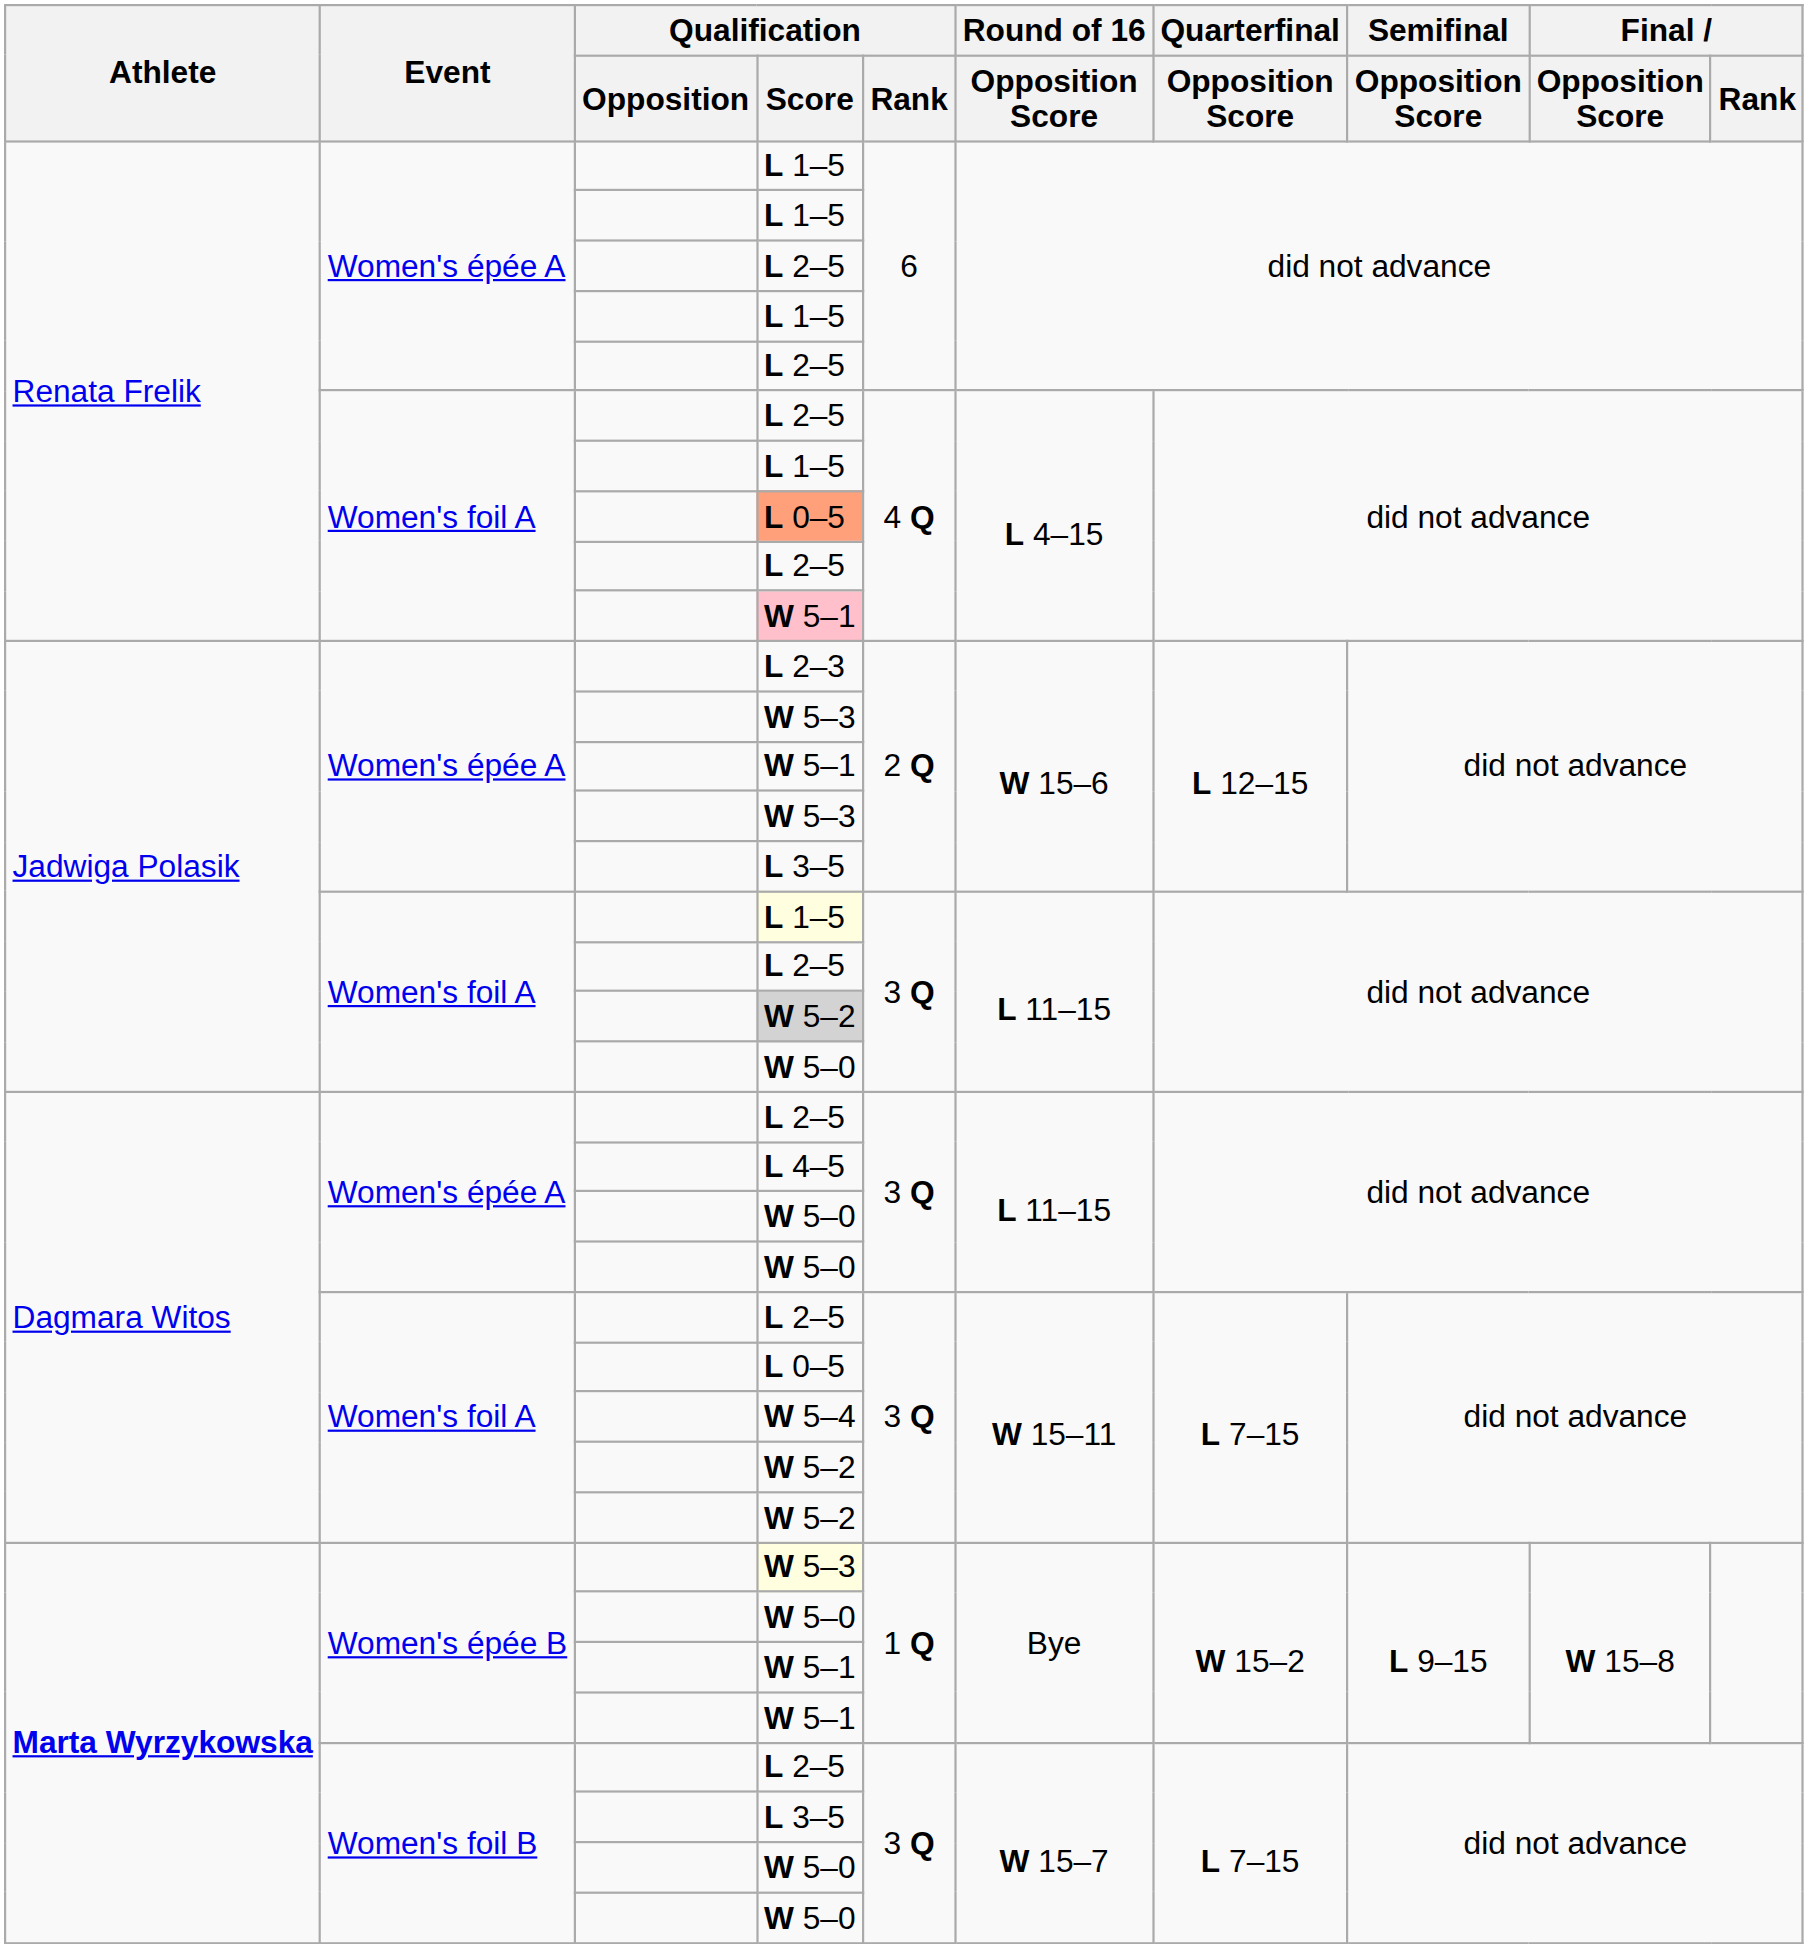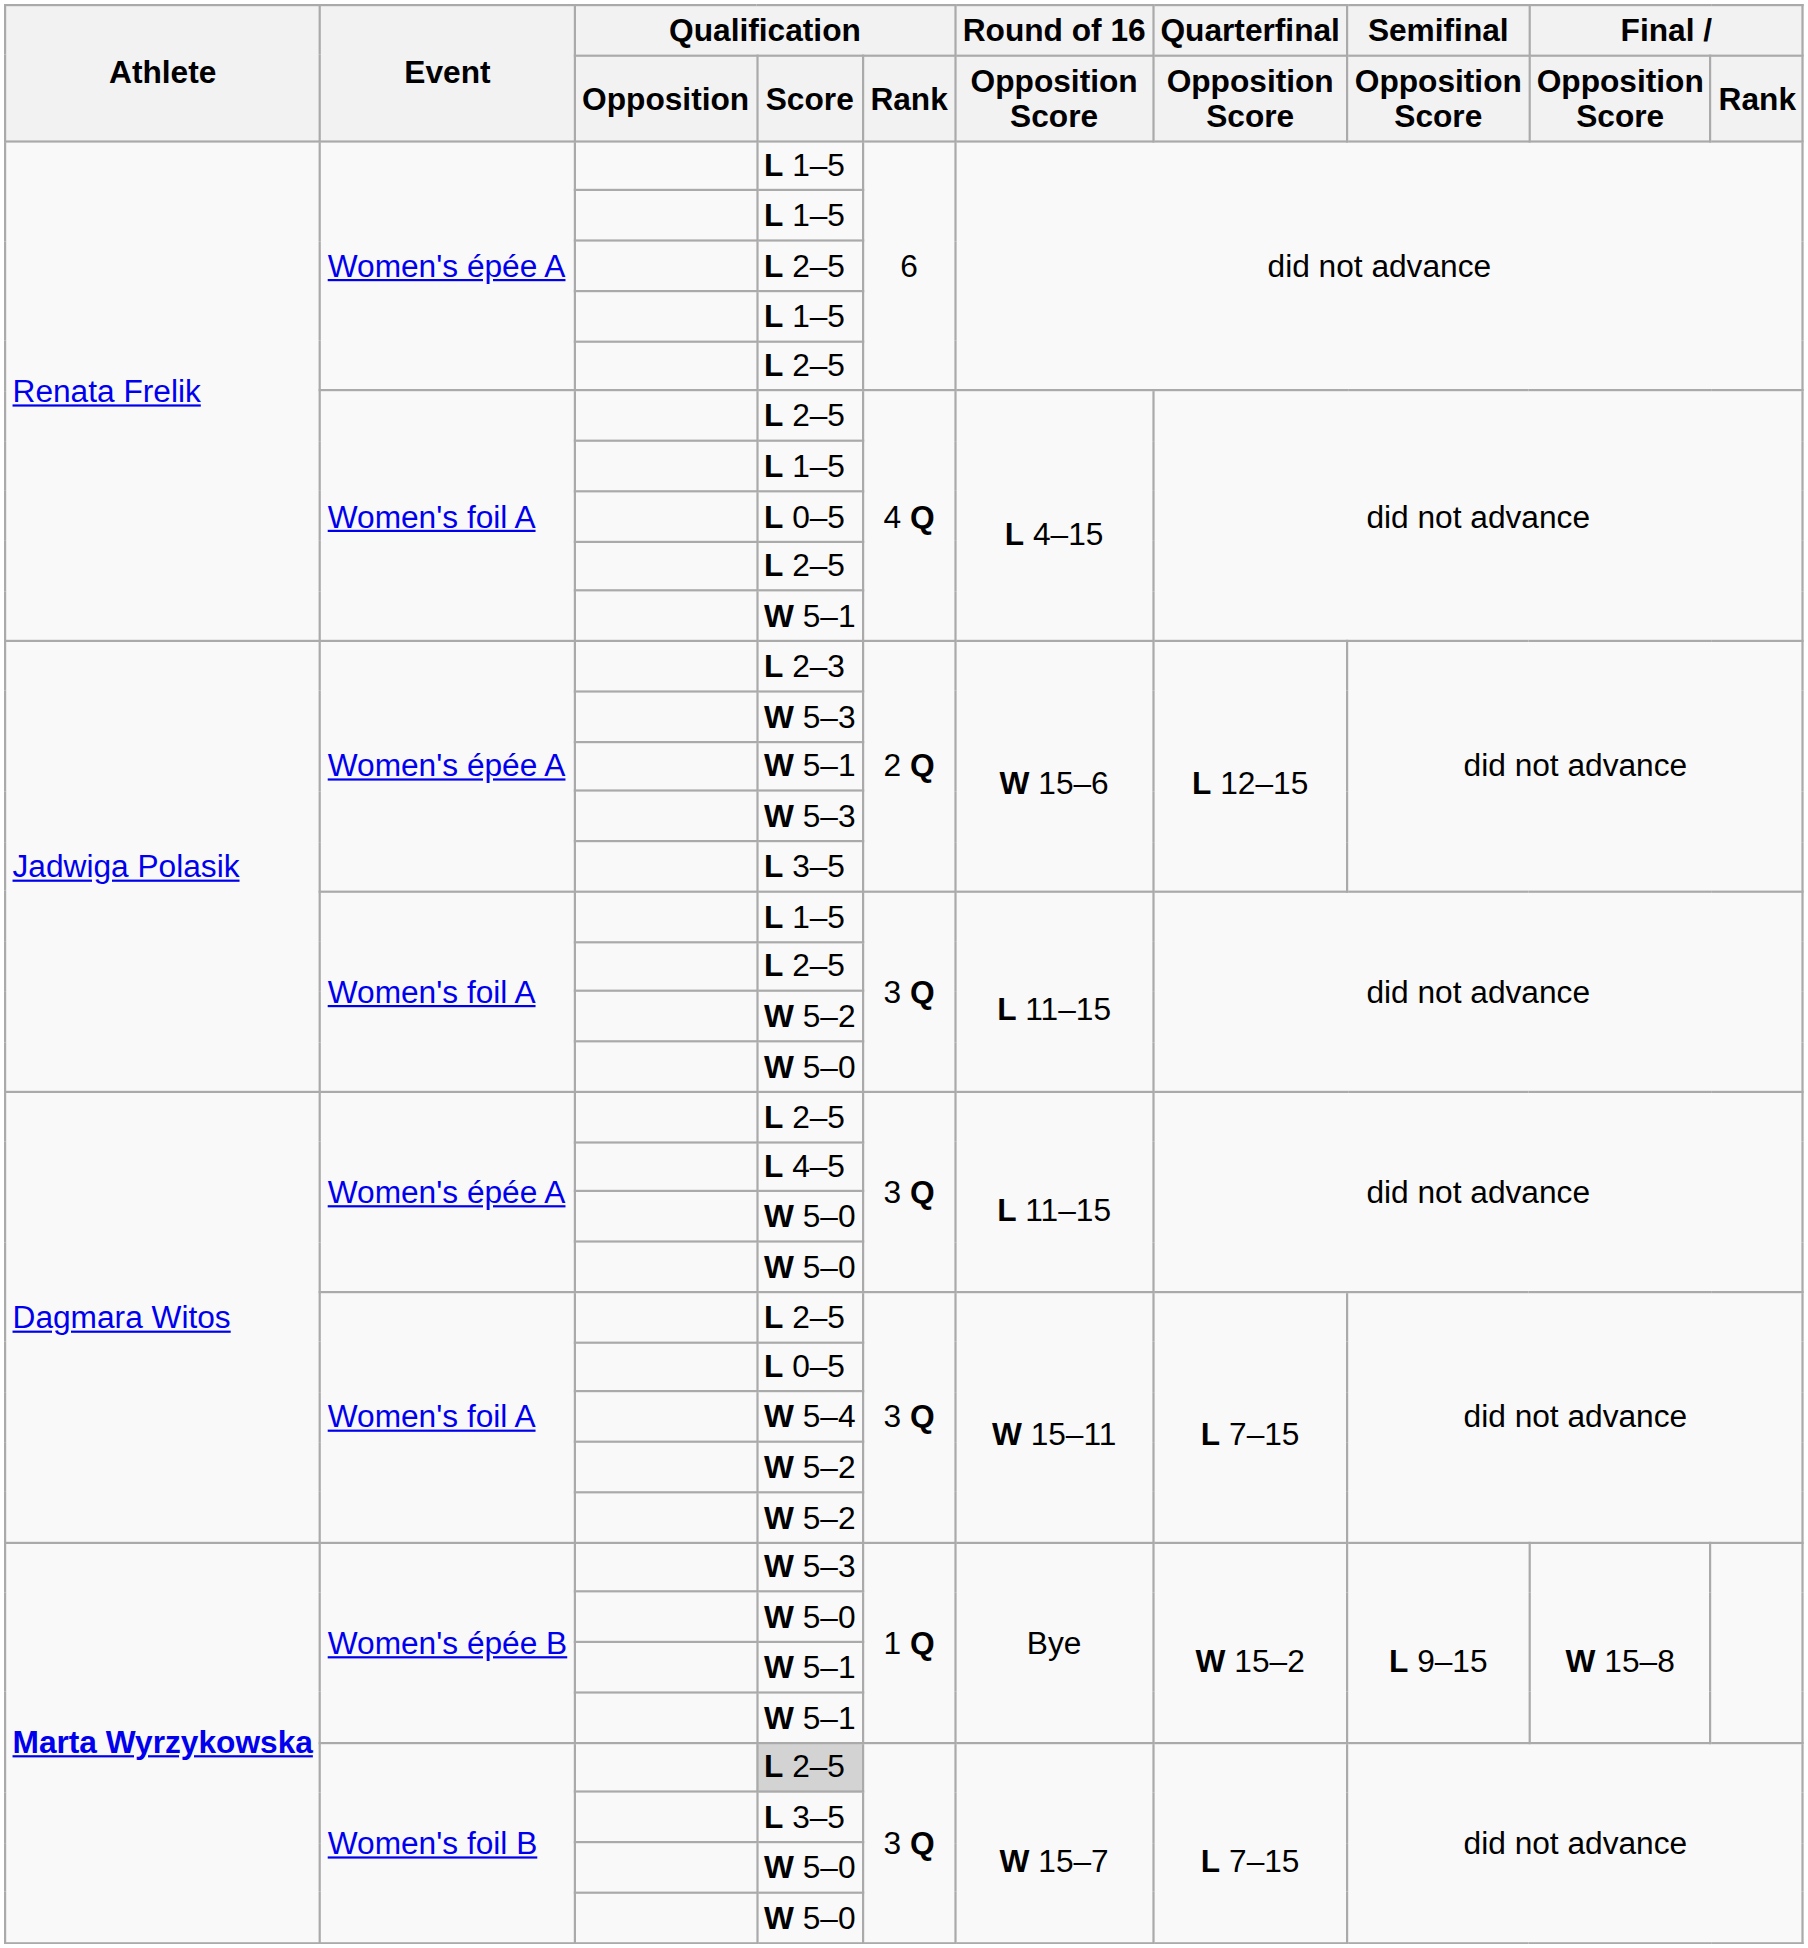 <table class=wikitable style="font-size:90%">
 <tr>
 <th rowspan="2">Athlete</th>
 <th rowspan="2">Event</th>
 <th colspan="3">Qualification</th>
 <th>Round of 16</th>
 <th>Quarterfinal</th>
 <th>Semifinal</th>
 <th colspan="2">Final / </th>
 </tr>
 <tr>
 <th>Opposition</th>
 <th>Score</th>
 <th>Rank</th>
 <th>Opposition<br>Score</th>
 <th>Opposition<br>Score</th>
 <th>Opposition<br>Score</th>
 <th>Opposition<br>Score</th>
 <th>Rank</th>
 </tr>
 <tr>
 <td rowspan=10><a href='#'>Renata Frelik</a></td>
 <td rowspan=5><a href='#'>Women's épée A</a></td>
 <td></td>
 <td><strong>L</strong> 1–5</td>
 <td align="center" rowspan=5>6</td>
 <td align="center" rowspan=5 colspan=5>did not advance</td>
 </tr>
 <tr>
 <td></td>
 <td><strong>L</strong> 1–5</td>
 </tr>
 <tr>
 <td></td>
 <td><strong>L</strong> 2–5</td>
 </tr>
 <tr>
 <td></td>
 <td><strong>L</strong> 1–5</td>
 </tr>
 <tr>
 <td></td>
 <td><strong>L</strong> 2–5</td>
 </tr>
 <tr>
 <td rowspan=5><a href='#'>Women's foil A</a></td>
 <td></td>
 <td><strong>L</strong> 2–5</td>
 <td align="center" rowspan=5>4 <strong>Q</strong></td>
 <td align="center" rowspan=5><br><strong>L</strong> 4–15</td>
 <td align="center" rowspan=5 colspan=4>did not advance</td>
 </tr>
 <tr>
 <td></td>
 <td><strong>L</strong> 1–5</td>
 </tr>
 <tr>
 <td></td>
-<td style="background: lightsalmon;"><strong>L</strong> 0–5</td>
+<td><strong>L</strong> 0–5</td>
 </tr>
 <tr>
 <td></td>
 <td><strong>L</strong> 2–5</td>
 </tr>
 <tr>
 <td></td>
-<td style="background: pink;"><strong>W</strong> 5–1</td>
+<td><strong>W</strong> 5–1</td>
 </tr>
 <tr>
 <td rowspan=9><a href='#'>Jadwiga Polasik</a></td>
 <td rowspan=5><a href='#'>Women's épée A</a></td>
 <td></td>
 <td><strong>L</strong> 2–3</td>
 <td align="center" rowspan=5>2 <strong>Q</strong></td>
 <td align="center" rowspan=5><br><strong>W</strong> 15–6</td>
 <td align="center" rowspan=5><br><strong>L</strong> 12–15</td>
 <td align="center" rowspan=5 colspan=3>did not advance</td>
 </tr>
 <tr>
 <td></td>
 <td><strong>W</strong> 5–3</td>
 </tr>
 <tr>
 <td></td>
 <td><strong>W</strong> 5–1</td>
 </tr>
 <tr>
 <td></td>
 <td><strong>W</strong> 5–3</td>
 </tr>
 <tr>
 <td></td>
 <td><strong>L</strong> 3–5</td>
 </tr>
 <tr>
 <td rowspan=4><a href='#'>Women's foil A</a></td>
 <td></td>
-<td style="background: lightyellow;"><strong>L</strong> 1–5</td>
+<td><strong>L</strong> 1–5</td>
 <td align="center" rowspan=4>3 <strong>Q</strong></td>
 <td align="center" rowspan=4><br><strong>L</strong> 11–15</td>
 <td align="center" rowspan=4 colspan=4>did not advance</td>
 </tr>
 <tr>
 <td></td>
 <td><strong>L</strong> 2–5</td>
 </tr>
 <tr>
 <td></td>
-<td style="background: lightgrey;"><strong>W</strong> 5–2</td>
+<td><strong>W</strong> 5–2</td>
 </tr>
 <tr>
 <td></td>
 <td><strong>W</strong> 5–0</td>
 </tr>
 <tr>
 <td rowspan=9><a href='#'>Dagmara Witos</a></td>
 <td rowspan=4><a href='#'>Women's épée A</a></td>
 <td></td>
 <td><strong>L</strong> 2–5</td>
 <td align="center" rowspan=4>3 <strong>Q</strong></td>
 <td align="center" rowspan=4><br><strong>L</strong> 11–15</td>
 <td align="center" rowspan=4 colspan=4>did not advance</td>
 </tr>
 <tr>
 <td></td>
 <td><strong>L</strong> 4–5</td>
 </tr>
 <tr>
 <td></td>
 <td><strong>W</strong> 5–0</td>
 </tr>
 <tr>
 <td></td>
 <td><strong>W</strong> 5–0</td>
 </tr>
 <tr>
 <td rowspan=5><a href='#'>Women's foil A</a></td>
 <td></td>
 <td><strong>L</strong> 2–5</td>
 <td align="center" rowspan=5>3 <strong>Q</strong></td>
 <td align="center" rowspan=5><br><strong>W</strong> 15–11</td>
 <td align="center" rowspan=5><br><strong>L</strong> 7–15</td>
 <td align="center" rowspan=5 colspan=3>did not advance</td>
 </tr>
 <tr>
 <td></td>
 <td><strong>L</strong> 0–5</td>
 </tr>
 <tr>
 <td></td>
 <td><strong>W</strong> 5–4</td>
 </tr>
 <tr>
 <td></td>
 <td><strong>W</strong> 5–2</td>
 </tr>
 <tr>
 <td></td>
 <td><strong>W</strong> 5–2</td>
 </tr>
 <tr>
 <td rowspan=8><strong><a href='#'>Marta Wyrzykowska</a></strong></td>
 <td rowspan=4><a href='#'>Women's épée B</a></td>
 <td></td>
-<td style="background: lightyellow;"><strong>W</strong> 5–3</td>
+<td><strong>W</strong> 5–3</td>
 <td align="center" rowspan=4>1 <strong>Q</strong></td>
 <td align="center" rowspan=4>Bye</td>
 <td align="center" rowspan=4><br><strong>W</strong> 15–2</td>
 <td align="center" rowspan=4><br><strong>L</strong> 9–15</td>
 <td align="center" rowspan=4><br><strong>W</strong> 15–8</td>
 <td align="center" rowspan=4></td>
 </tr>
 <tr>
 <td></td>
 <td><strong>W</strong> 5–0</td>
 </tr>
 <tr>
 <td></td>
 <td><strong>W</strong> 5–1</td>
 </tr>
 <tr>
 <td></td>
 <td><strong>W</strong> 5–1</td>
 </tr>
 <tr>
 <td rowspan=4><a href='#'>Women's foil B</a></td>
 <td></td>
-<td><strong>L</strong> 2–5</td>
+<td style="background: lightgrey;"><strong>L</strong> 2–5</td>
 <td align="center" rowspan=4>3 <strong>Q</strong></td>
 <td align="center" rowspan=4><br><strong>W</strong> 15–7</td>
 <td align="center" rowspan=4><br><strong>L</strong> 7–15</td>
 <td align="center" rowspan=4 colspan=3>did not advance</td>
 </tr>
 <tr>
 <td></td>
 <td><strong>L</strong> 3–5</td>
 </tr>
 <tr>
 <td></td>
 <td><strong>W</strong> 5–0</td>
 </tr>
 <tr>
 <td></td>
 <td><strong>W</strong> 5–0</td>
 </tr>
 </table>
